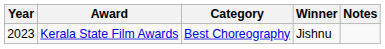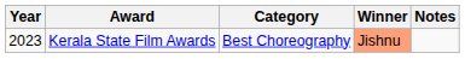 <table class="wikitable">
 <tr>
 <th>Year</th>
 <th>Award</th>
 <th>Category</th>
 <th>Winner</th>
 <th>Notes</th>
 </tr>
 <tr>
 <td rowspan="3">2023</td>
 <td><a href='#'>Kerala State Film Awards</a></td>
 <td><a href='#'>Best Choreography</a></td>
-<td>Jishnu</td>
+<td style="background: lightsalmon;">Jishnu</td>
 <td></td>
 </tr>
 </table>
